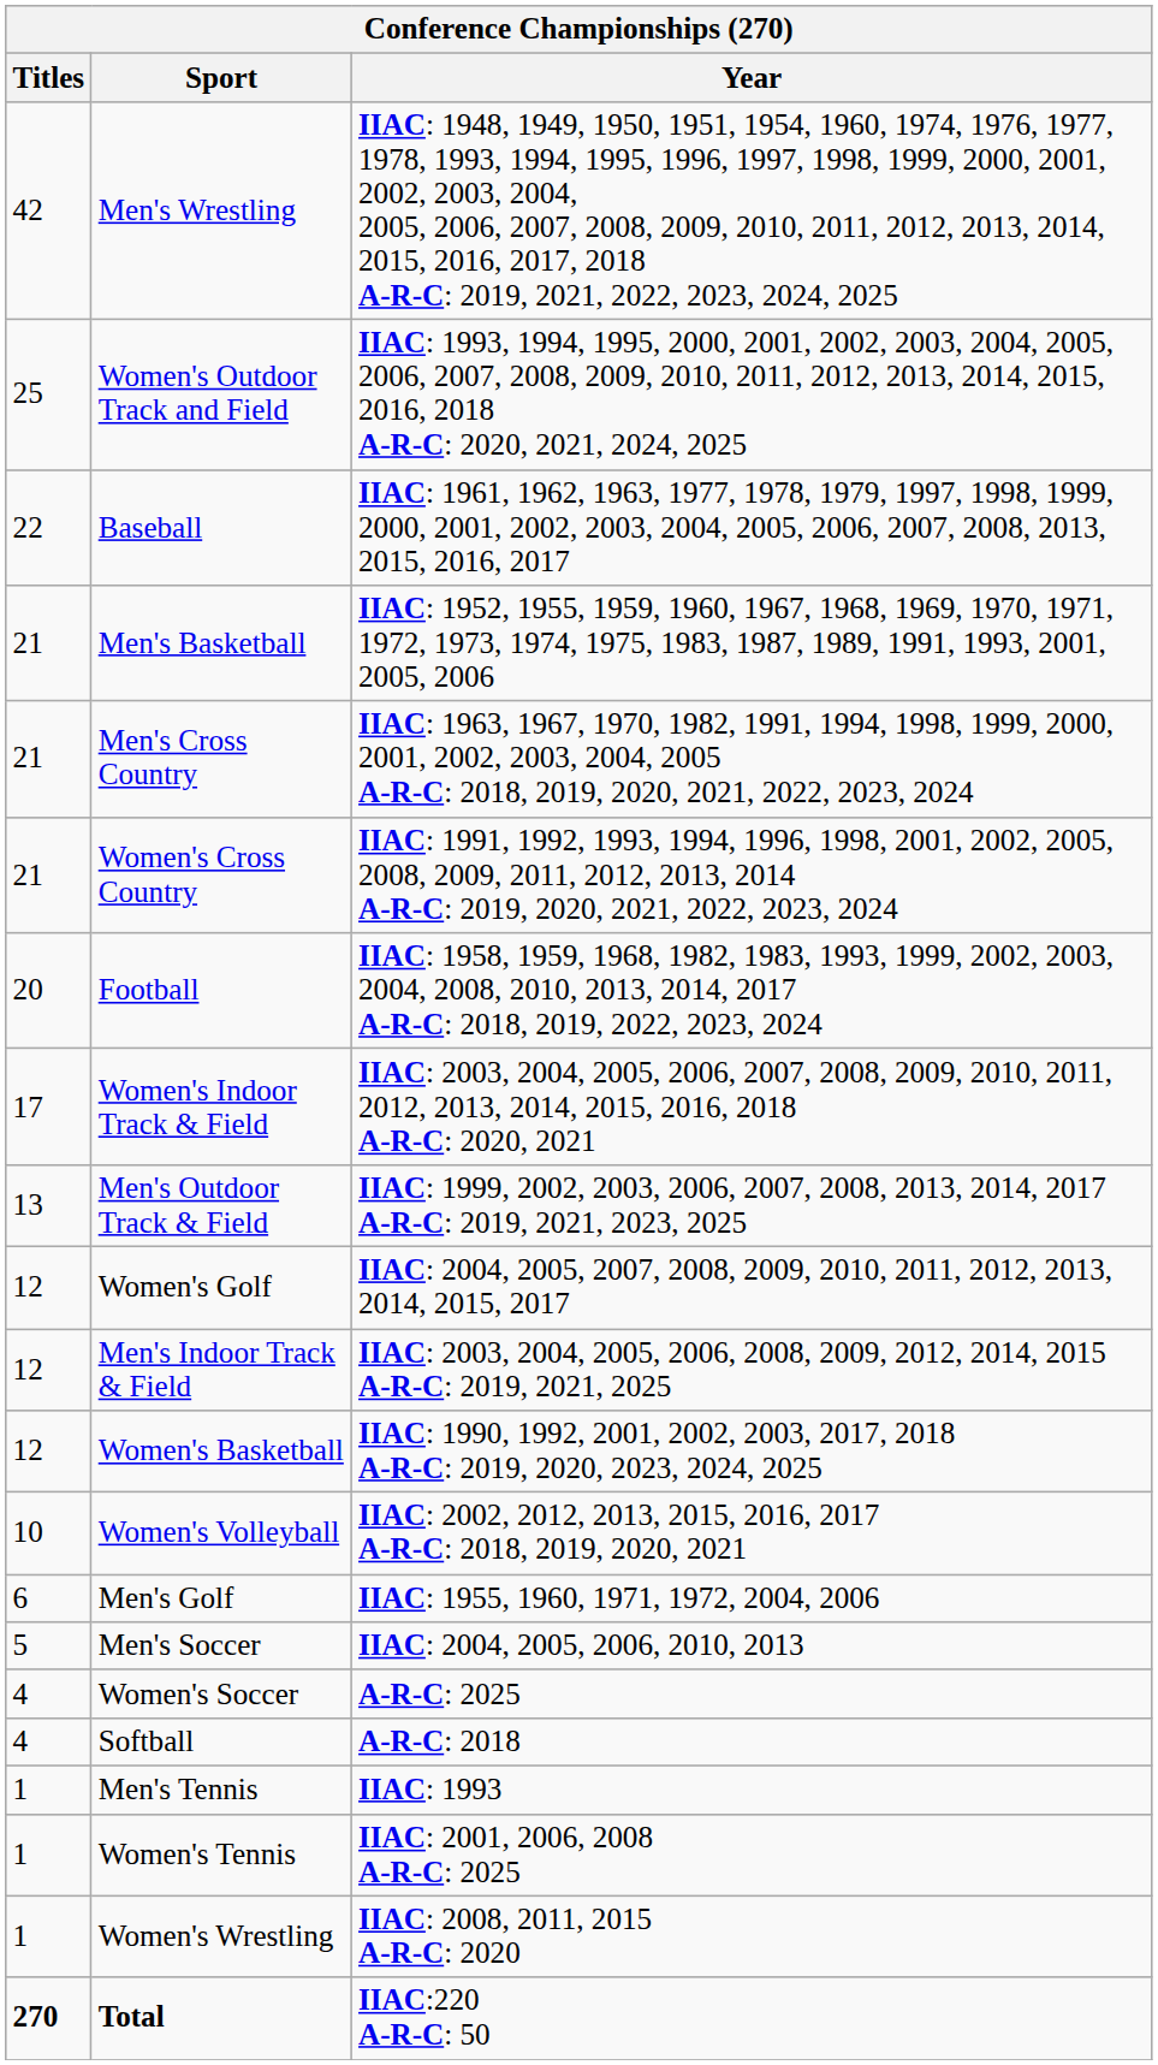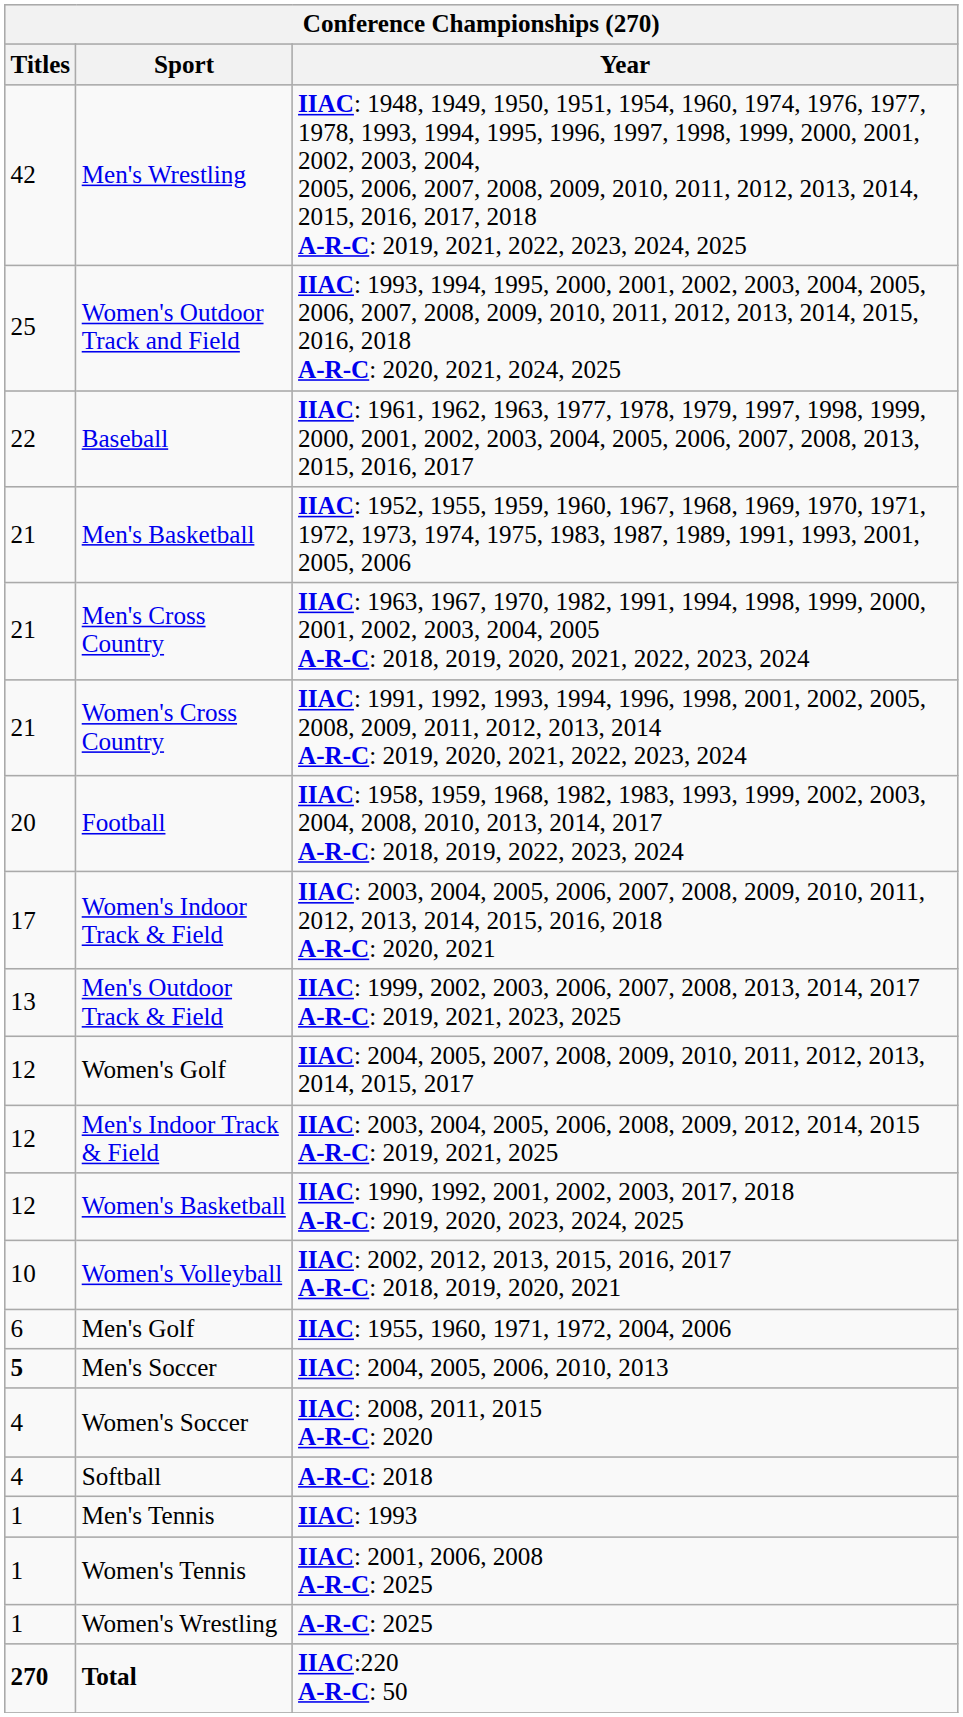 <table class="wikitable">
 <tr>
 <th colspan="3">Conference Championships (270)</th>
 </tr>
 <tr>
 <th>Titles</th>
 <th>Sport</th>
 <th>Year</th>
 </tr>
 <tr>
 <td>42</td>
 <td><a href='#'>Men's Wrestling</a></td>
 <td><strong><a href='#'>IIAC</a></strong>: 1948, 1949, 1950, 1951, 1954, 1960, 1974, 1976, 1977, 1978, 1993, 1994, 1995, 1996, 1997, 1998, 1999, 2000, 2001, 2002, 2003, 2004,<br> 2005, 2006, 2007, 2008, 2009, 2010, 2011, 2012, 2013, 2014, 2015, 2016, 2017, 2018<br><strong><a href='#'>A-R-C</a></strong>: 2019, 2021, 2022, 2023, 2024, 2025</td>
 </tr>
 <tr>
 <td>25</td>
 <td><a href='#'>Women's Outdoor Track and Field</a></td>
 <td><strong><a href='#'>IIAC</a></strong>: 1993, 1994, 1995, 2000, 2001, 2002, 2003, 2004, 2005, 2006, 2007, 2008, 2009, 2010, 2011, 2012, 2013, 2014, 2015, 2016, 2018<br><strong><a href='#'>A-R-C</a></strong>: 2020, 2021, 2024, 2025</td>
 </tr>
 <tr>
 <td>22</td>
 <td><a href='#'>Baseball</a></td>
 <td><strong><a href='#'>IIAC</a></strong>: 1961, 1962, 1963, 1977, 1978, 1979, 1997, 1998, 1999, 2000, 2001, 2002, 2003, 2004, 2005, 2006, 2007, 2008, 2013, 2015, 2016, 2017</td>
 </tr>
 <tr>
 <td>21</td>
 <td><a href='#'>Men's Basketball</a></td>
 <td><strong><a href='#'>IIAC</a></strong>: 1952, 1955, 1959, 1960, 1967, 1968, 1969, 1970, 1971, 1972, 1973, 1974, 1975, 1983, 1987, 1989, 1991, 1993, 2001, 2005, 2006</td>
 </tr>
 <tr>
 <td>21</td>
 <td><a href='#'>Men's Cross Country</a></td>
 <td><strong><a href='#'>IIAC</a></strong>: 1963, 1967, 1970, 1982, 1991, 1994, 1998, 1999, 2000, 2001, 2002, 2003, 2004, 2005<br><strong><a href='#'>A-R-C</a></strong>: 2018, 2019, 2020, 2021, 2022, 2023, 2024</td>
 </tr>
 <tr>
 <td>21</td>
 <td><a href='#'>Women's Cross Country</a></td>
 <td><strong><a href='#'>IIAC</a></strong>: 1991, 1992, 1993, 1994, 1996, 1998, 2001, 2002, 2005, 2008, 2009, 2011, 2012, 2013, 2014<br><strong><a href='#'>A-R-C</a></strong>: 2019, 2020, 2021, 2022, 2023, 2024</td>
 </tr>
 <tr>
 <td>20</td>
 <td><a href='#'>Football</a></td>
 <td><strong><a href='#'>IIAC</a></strong>: 1958, 1959, 1968, 1982, 1983, 1993, 1999, 2002, 2003, 2004, 2008, 2010, 2013, 2014, 2017<br><strong><a href='#'>A-R-C</a></strong>: 2018, 2019, 2022, 2023, 2024</td>
 </tr>
 <tr>
 <td>17</td>
 <td><a href='#'>Women's Indoor Track & Field</a></td>
 <td><strong><a href='#'>IIAC</a></strong>: 2003, 2004, 2005, 2006, 2007, 2008, 2009, 2010, 2011, 2012, 2013, 2014, 2015, 2016, 2018<br><strong><a href='#'>A-R-C</a></strong>: 2020, 2021</td>
 </tr>
 <tr>
 <td>13</td>
 <td><a href='#'>Men's Outdoor Track & Field</a></td>
 <td><strong><a href='#'>IIAC</a></strong>: 1999, 2002, 2003, 2006, 2007, 2008, 2013, 2014, 2017<br><strong><a href='#'>A-R-C</a></strong>: 2019, 2021, 2023, 2025</td>
 </tr>
 <tr>
 <td>12</td>
 <td>Women's Golf</td>
 <td><strong><a href='#'>IIAC</a></strong>: 2004, 2005, 2007, 2008, 2009, 2010, 2011, 2012, 2013, 2014, 2015, 2017</td>
 </tr>
 <tr>
 <td>12</td>
 <td><a href='#'>Men's Indoor Track & Field</a></td>
 <td><strong><a href='#'>IIAC</a></strong>: 2003, 2004, 2005, 2006, 2008, 2009, 2012, 2014, 2015<br><strong><a href='#'>A-R-C</a></strong>: 2019, 2021, 2025</td>
 </tr>
 <tr>
 <td>12</td>
 <td><a href='#'>Women's Basketball</a></td>
 <td><strong><a href='#'>IIAC</a></strong>: 1990, 1992, 2001, 2002, 2003, 2017, 2018<br><strong><a href='#'>A-R-C</a></strong>: 2019, 2020, 2023, 2024, 2025</td>
 </tr>
 <tr>
 <td>10</td>
 <td><a href='#'>Women's Volleyball</a></td>
 <td><strong><a href='#'>IIAC</a></strong>: 2002, 2012, 2013, 2015, 2016, 2017<br><strong><a href='#'>A-R-C</a></strong>: 2018, 2019, 2020, 2021</td>
 </tr>
 <tr>
 <td>6</td>
 <td>Men's Golf</td>
 <td><strong><a href='#'>IIAC</a></strong>: 1955, 1960, 1971, 1972, 2004, 2006</td>
 </tr>
 <tr>
-<td>5</td>
+<td><strong>5</strong></td>
 <td>Men's Soccer</td>
 <td><strong><a href='#'>IIAC</a></strong>: 2004, 2005, 2006, 2010, 2013</td>
 </tr>
 <tr>
 <td>4</td>
 <td>Women's Soccer</td>
-<td><strong><a href='#'>A-R-C</a></strong>: 2025</td>
+<td><strong><a href='#'>IIAC</a></strong>: 2008, 2011, 2015<br><strong><a href='#'>A-R-C</a></strong>: 2020</td>
 </tr>
 <tr>
 <td>4</td>
 <td>Softball</td>
 <td><strong><a href='#'>A-R-C</a></strong>: 2018</td>
 </tr>
 <tr>
 <td>1</td>
 <td>Men's Tennis</td>
 <td><strong><a href='#'>IIAC</a></strong>: 1993</td>
 </tr>
 <tr>
 <td>1</td>
 <td>Women's Tennis</td>
 <td><strong><a href='#'>IIAC</a></strong>: 2001, 2006, 2008 <br><strong><a href='#'>A-R-C</a></strong>: 2025</td>
 </tr>
 <tr>
 <td>1</td>
 <td>Women's Wrestling</td>
-<td><strong><a href='#'>IIAC</a></strong>: 2008, 2011, 2015<br><strong><a href='#'>A-R-C</a></strong>: 2020</td>
+<td><strong><a href='#'>A-R-C</a></strong>: 2025</td>
 </tr>
 <tr>
 <td><strong>270</strong></td>
 <td><strong>Total</strong></td>
 <td><strong><a href='#'>IIAC</a></strong>:220<br><strong><a href='#'>A-R-C</a></strong>: 50</td>
 </tr>
 </table>
